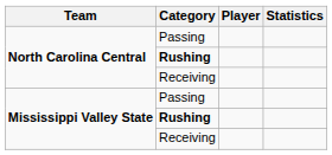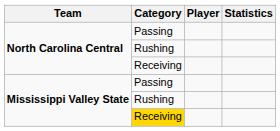 <table class="wikitable" style="float: left;">
 <tr>
 <th>Team</th>
 <th>Category</th>
 <th>Player</th>
 <th>Statistics</th>
 </tr>
 <tr>
 <td rowspan=3><strong>North Carolina Central</strong></td>
 <td>Passing</td>
 <td> </td>
 <td> </td>
 </tr>
 <tr>
-<td><strong>Rushing</strong></td>
+<td>Rushing</td>
 <td> </td>
 <td> </td>
 </tr>
 <tr>
 <td>Receiving</td>
 <td> </td>
 <td> </td>
 </tr>
 <tr>
 <td rowspan=3><strong>Mississippi Valley State</strong></td>
 <td>Passing</td>
 <td> </td>
 <td> </td>
 </tr>
 <tr>
-<td><strong>Rushing</strong></td>
+<td>Rushing</td>
 <td> </td>
 <td> </td>
 </tr>
 <tr>
-<td>Receiving</td>
+<td style="background: gold;">Receiving</td>
 <td> </td>
 <td> </td>
 </tr>
 </table>
